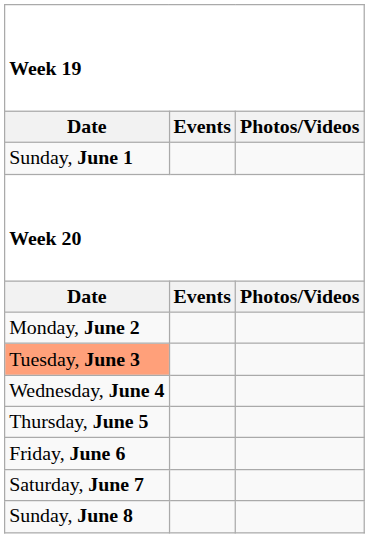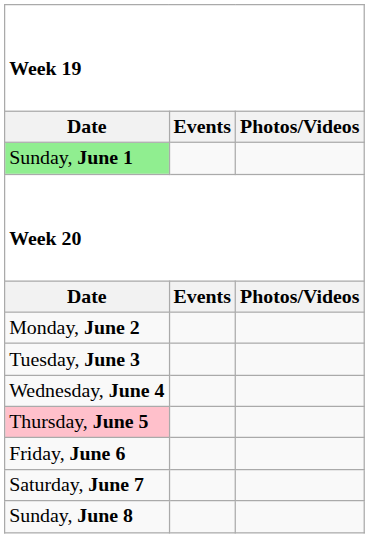 <table class="wikitable">
 <tr style="background:white;">
 <td colspan="3"><br><h4>Week 19</h4></td>
 </tr>
 <tr>
 <th>Date</th>
 <th>Events</th>
 <th>Photos/Videos</th>
 </tr>
 <tr>
-<td>Sunday, <strong>June 1</strong></td>
+<td style="background: lightgreen;">Sunday, <strong>June 1</strong></td>
 <td></td>
 <td></td>
 </tr>
 <tr style="background:white;">
 <td colspan="3"><br><h4>Week 20</h4></td>
 </tr>
 <tr>
 <th>Date</th>
 <th>Events</th>
 <th>Photos/Videos</th>
 </tr>
 <tr>
 <td>Monday, <strong>June 2</strong></td>
 <td></td>
 <td></td>
 </tr>
 <tr>
-<td style="background: lightsalmon;">Tuesday, <strong>June 3</strong></td>
+<td>Tuesday, <strong>June 3</strong></td>
 <td></td>
 <td></td>
 </tr>
 <tr>
 <td>Wednesday, <strong>June 4</strong></td>
 <td></td>
 <td></td>
 </tr>
 <tr>
-<td>Thursday, <strong>June 5</strong></td>
+<td style="background: pink;">Thursday, <strong>June 5</strong></td>
 <td></td>
 <td></td>
 </tr>
 <tr>
 <td>Friday, <strong>June 6</strong></td>
 <td></td>
 <td></td>
 </tr>
 <tr>
 <td>Saturday, <strong>June 7</strong></td>
 <td></td>
 <td></td>
 </tr>
 <tr>
 <td>Sunday, <strong>June 8</strong></td>
 <td></td>
 <td></td>
 </tr>
 </table>
